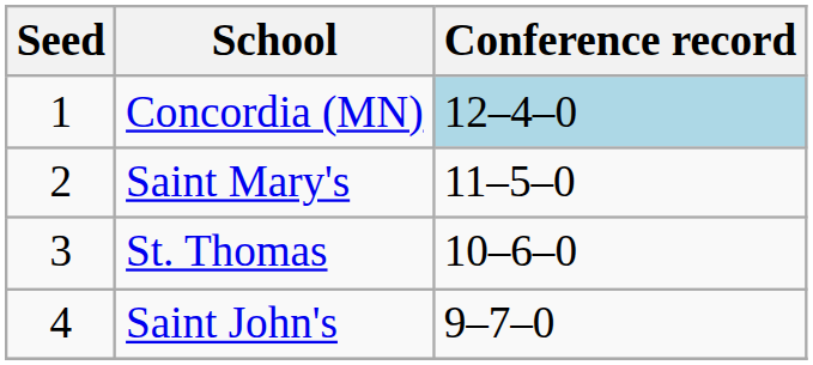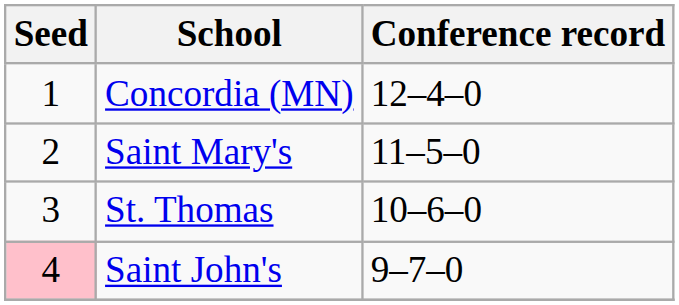 <table class="wikitable">
 <tr>
 <th>Seed</th>
 <th>School</th>
 <th>Conference record</th>
 </tr>
 <tr>
 <td align=center>1</td>
 <td><a href='#'>Concordia (MN)</a></td>
-<td style="background: lightblue;">12–4–0</td>
+<td>12–4–0</td>
 </tr>
 <tr>
 <td align=center>2</td>
 <td><a href='#'>Saint Mary's</a></td>
 <td>11–5–0</td>
 </tr>
 <tr>
 <td align=center>3</td>
 <td><a href='#'>St. Thomas</a></td>
 <td>10–6–0</td>
 </tr>
 <tr>
-<td align=center>4</td>
+<td align=center style="background: pink;">4</td>
 <td><a href='#'>Saint John's</a></td>
 <td>9–7–0</td>
 </tr>
 <tr>
 </tr>
 </table>
